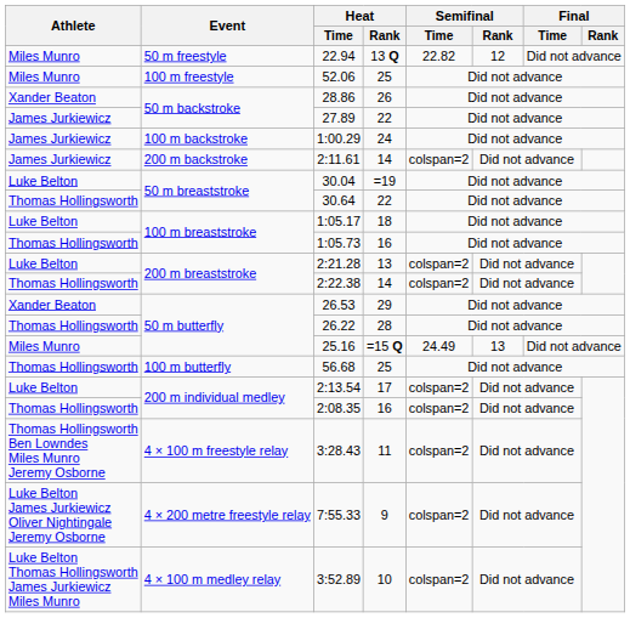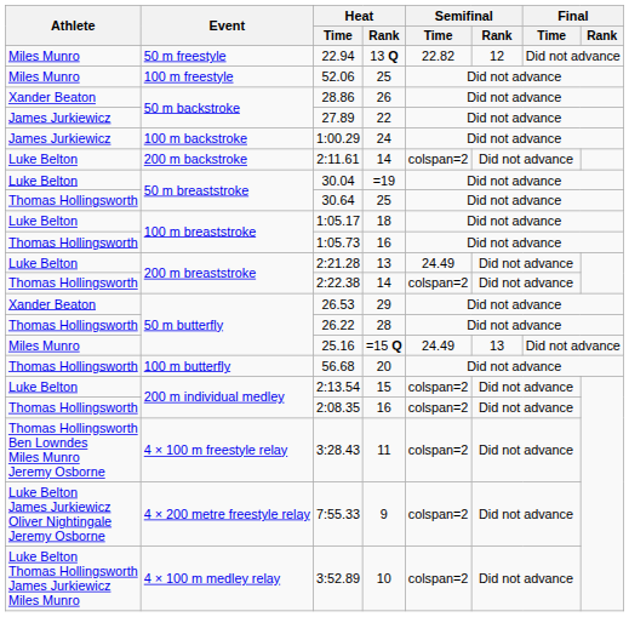 <table class=wikitable style=font-size:90%>
 <tr>
 <th rowspan=2>Athlete</th>
 <th rowspan=2>Event</th>
 <th colspan=2>Heat</th>
 <th colspan=2>Semifinal</th>
 <th colspan=2>Final</th>
 </tr>
 <tr style=font-size:95%>
 <th>Time</th>
 <th>Rank</th>
 <th>Time</th>
 <th>Rank</th>
 <th>Time</th>
 <th>Rank</th>
 </tr>
 <tr align=center>
 <td align=left><a href='#'>Miles Munro</a></td>
 <td align=left><a href='#'>50 m freestyle</a></td>
 <td>22.94</td>
 <td>13 <strong>Q</strong></td>
 <td>22.82</td>
 <td>12</td>
 <td colspan=2>Did not advance</td>
 </tr>
 <tr align=center>
 <td align=left><a href='#'>Miles Munro</a></td>
 <td align=left><a href='#'>100 m freestyle</a></td>
 <td>52.06</td>
 <td>25</td>
 <td colspan=4>Did not advance</td>
 </tr>
 <tr align=center>
 <td align=left><a href='#'>Xander Beaton</a></td>
 <td align=left rowspan=2><a href='#'>50 m backstroke</a></td>
 <td>28.86</td>
 <td>26</td>
 <td colspan=4>Did not advance</td>
 </tr>
 <tr align=center>
 <td align=left><a href='#'>James Jurkiewicz</a></td>
 <td>27.89</td>
 <td>22</td>
 <td colspan=4>Did not advance</td>
 </tr>
 <tr align=center>
 <td align=left><a href='#'>James Jurkiewicz</a></td>
 <td align=left><a href='#'>100 m backstroke</a></td>
 <td>1:00.29</td>
 <td>24</td>
 <td colspan=4>Did not advance</td>
 </tr>
 <tr align=center>
-<td align=left><a href='#'>James Jurkiewicz</a></td>
+<td align=left><a href='#'>Luke Belton</a></td>
 <td align=left><a href='#'>200 m backstroke</a></td>
 <td>2:11.61</td>
 <td>14</td>
 <td>colspan=2 </td>
 <td colspan=2>Did not advance</td>
 </tr>
 <tr align=center>
 <td align=left><a href='#'>Luke Belton</a></td>
 <td align=left rowspan=2><a href='#'>50 m breaststroke</a></td>
 <td>30.04</td>
 <td>=19</td>
 <td colspan=4>Did not advance</td>
 </tr>
 <tr align=center>
 <td align=left><a href='#'>Thomas Hollingsworth</a></td>
 <td>30.64</td>
-<td>22</td>
+<td>25</td>
 <td colspan=4>Did not advance</td>
 </tr>
 <tr align=center>
 <td align=left><a href='#'>Luke Belton</a></td>
 <td align=left rowspan=2><a href='#'>100 m breaststroke</a></td>
 <td>1:05.17</td>
 <td>18</td>
 <td colspan=4>Did not advance</td>
 </tr>
 <tr align=center>
 <td align=left><a href='#'>Thomas Hollingsworth</a></td>
 <td>1:05.73</td>
 <td>16</td>
 <td colspan=4>Did not advance</td>
 </tr>
 <tr align=center>
 <td align=left><a href='#'>Luke Belton</a></td>
 <td align=left rowspan=2><a href='#'>200 m breaststroke</a></td>
 <td>2:21.28</td>
 <td>13</td>
-<td>colspan=2 </td>
+<td>24.49</td>
 <td colspan=2>Did not advance</td>
 </tr>
 <tr align=center>
 <td align=left><a href='#'>Thomas Hollingsworth</a></td>
 <td>2:22.38</td>
 <td>14</td>
 <td>colspan=2 </td>
 <td colspan=2>Did not advance</td>
 </tr>
 <tr align=center>
 <td align=left><a href='#'>Xander Beaton</a></td>
 <td align=left rowspan=3><a href='#'>50 m butterfly</a></td>
 <td>26.53</td>
 <td>29</td>
 <td colspan=4>Did not advance</td>
 </tr>
 <tr align=center>
 <td align=left><a href='#'>Thomas Hollingsworth</a></td>
 <td>26.22</td>
 <td>28</td>
 <td colspan=4>Did not advance</td>
 </tr>
 <tr align=center>
 <td align=left><a href='#'>Miles Munro</a></td>
 <td>25.16</td>
 <td>=15 <strong>Q</strong></td>
 <td>24.49</td>
 <td>13</td>
 <td colspan=2>Did not advance</td>
 </tr>
 <tr align=center>
 <td align=left><a href='#'>Thomas Hollingsworth</a></td>
 <td align=left><a href='#'>100 m butterfly</a></td>
 <td>56.68</td>
-<td>25</td>
+<td>20</td>
 <td colspan=4>Did not advance</td>
 </tr>
 <tr align=center>
 <td align=left><a href='#'>Luke Belton</a></td>
 <td align=left rowspan=2><a href='#'>200 m individual medley</a></td>
 <td>2:13.54</td>
-<td>17</td>
+<td>15</td>
 <td>colspan=2 </td>
 <td colspan=2>Did not advance</td>
 </tr>
 <tr align=center>
 <td align=left><a href='#'>Thomas Hollingsworth</a></td>
 <td>2:08.35</td>
 <td>16</td>
 <td>colspan=2 </td>
 <td colspan=2>Did not advance</td>
 </tr>
 <tr align=center>
 <td align=left><a href='#'>Thomas Hollingsworth</a><br><a href='#'>Ben Lowndes</a><br><a href='#'>Miles Munro</a><br><a href='#'>Jeremy Osborne</a></td>
 <td align=left><a href='#'>4 × 100 m freestyle relay</a></td>
 <td>3:28.43</td>
 <td>11</td>
 <td>colspan=2 </td>
 <td colspan=2>Did not advance</td>
 </tr>
 <tr align=center>
 <td align=left><a href='#'>Luke Belton</a><br><a href='#'>James Jurkiewicz</a><br><a href='#'>Oliver Nightingale</a><br><a href='#'>Jeremy Osborne</a></td>
 <td align=left><a href='#'>4 × 200 metre freestyle relay</a></td>
 <td>7:55.33</td>
 <td>9</td>
 <td>colspan=2 </td>
 <td colspan=2>Did not advance</td>
 </tr>
 <tr align=center>
 <td align=left><a href='#'>Luke Belton</a><br><a href='#'>Thomas Hollingsworth</a><br><a href='#'>James Jurkiewicz</a><br><a href='#'>Miles Munro</a></td>
 <td align=left><a href='#'>4 × 100 m medley relay</a></td>
 <td>3:52.89</td>
 <td>10</td>
 <td>colspan=2 </td>
 <td colspan=2>Did not advance</td>
 </tr>
 </table>
